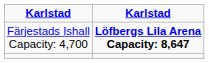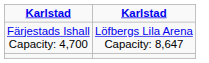 <table class="wikitable" style="text-align:center;">
 <tr>
 <td><strong><a href='#'>Karlstad</a></strong></td>
 <td><strong><a href='#'>Karlstad</a></strong></td>
 </tr>
 <tr>
 <td><a href='#'>Färjestads Ishall</a><br>Capacity: 4,700</td>
-<td><strong><a href='#'>Löfbergs Lila Arena</a><br>Capacity: 8,647</strong></td>
+<td><a href='#'>Löfbergs Lila Arena</a><br>Capacity: 8,647</td>
 </tr>
 <tr>
 <td></td>
 <td></td>
 </tr>
 </table>
